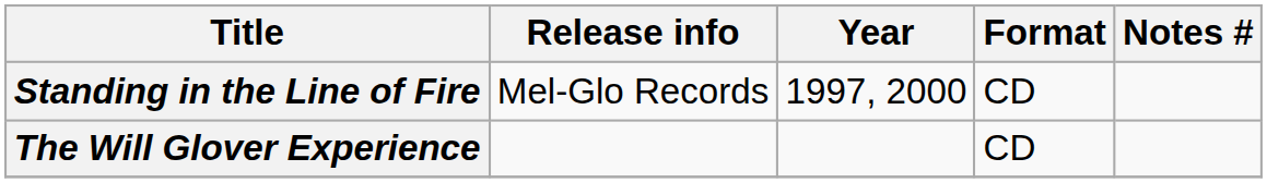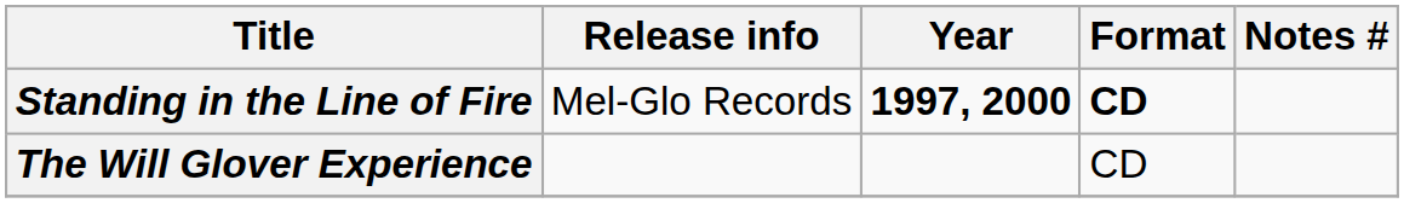 <table class="wikitable plainrowheaders sortable">
 <tr>
 <th scope="col">Title</th>
 <th scope="col">Release info</th>
 <th scope="col">Year</th>
 <th scope="col">Format</th>
 <th scope="col" class="unsortable">Notes #</th>
 </tr>
 <tr>
 <th scope="col"><em>Standing in the Line of Fire</em></th>
 <td>Mel-Glo Records</td>
-<td>1997, 2000</td>
-<td>CD</td>
+<td><strong>1997, 2000</strong></td>
+<td><strong>CD</strong></td>
 <td></td>
 </tr>
 <tr>
 <th scope="col"><em>The Will Glover Experience</em></th>
 <td></td>
 <td></td>
 <td>CD</td>
 <td></td>
 </tr>
 <tr>
 </tr>
 </table>
